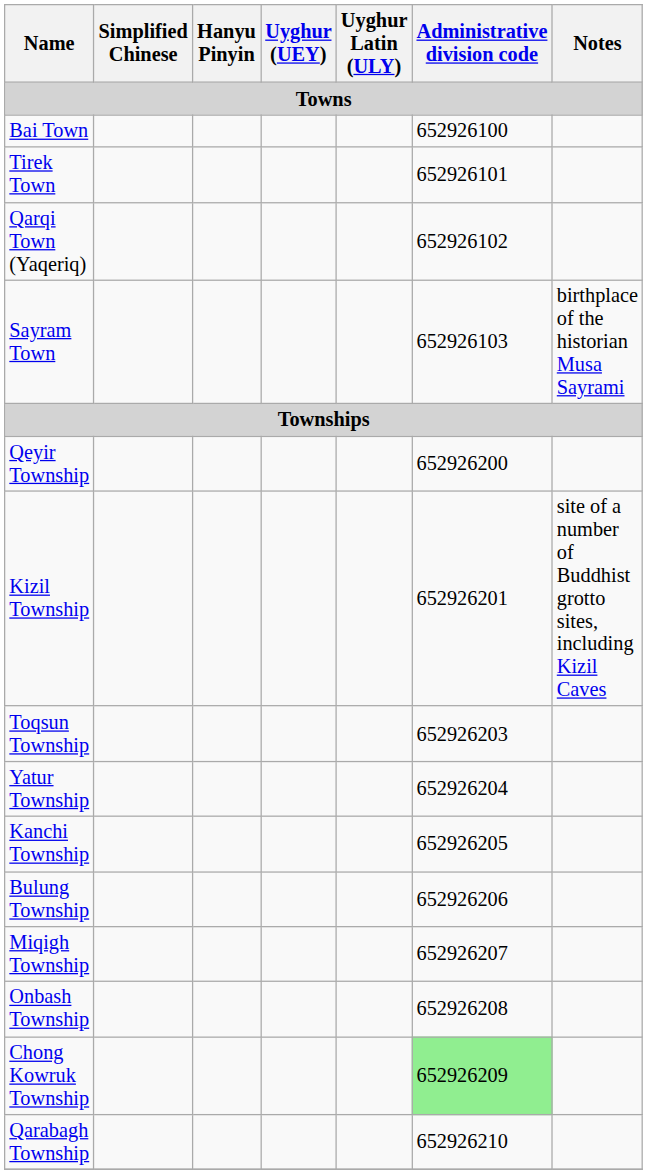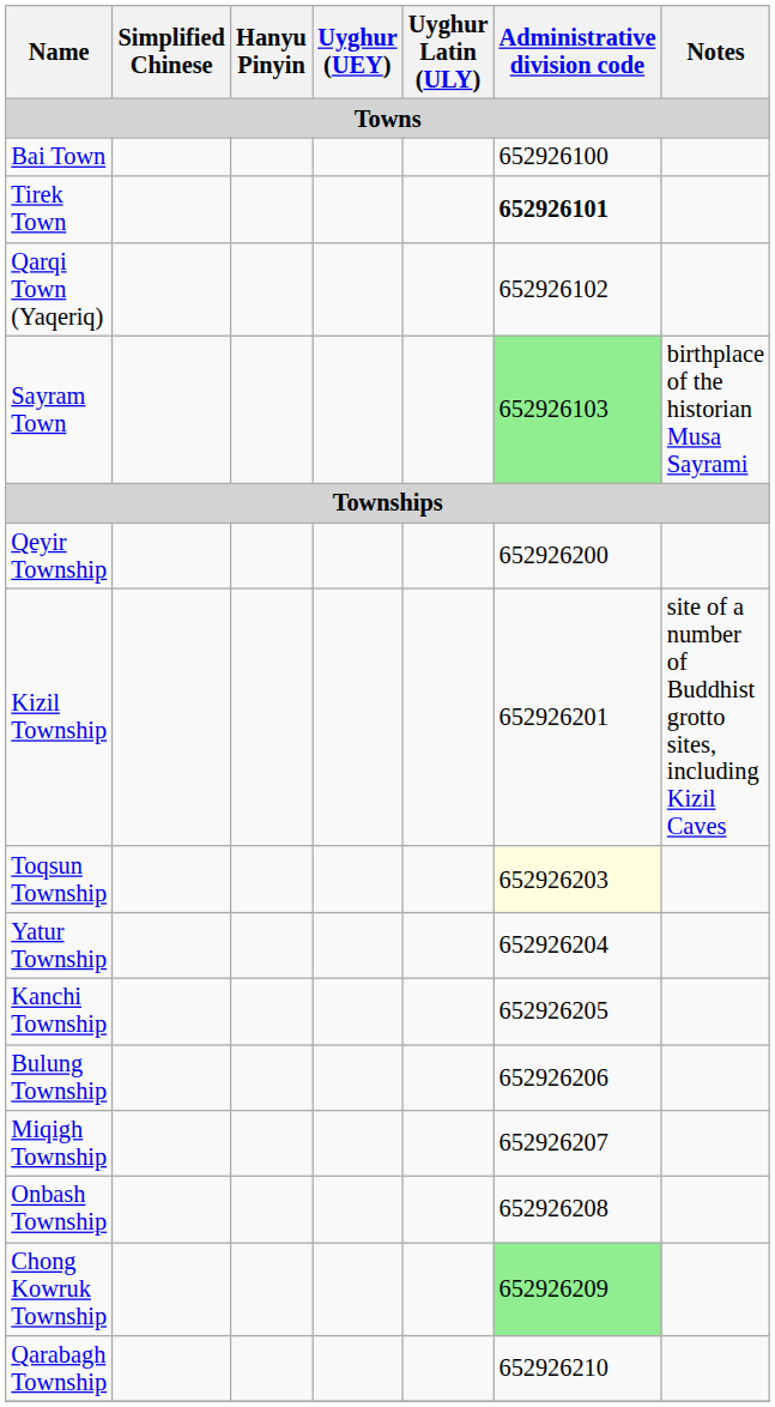 <table class="wikitable" align="center" style="width:50%; border="1">
 <tr>
 <th>Name</th>
 <th>Simplified Chinese</th>
 <th>Hanyu Pinyin</th>
 <th><a href='#'>Uyghur</a> (<a href='#'>UEY</a>)</th>
 <th>Uyghur Latin (<a href='#'>ULY</a>)</th>
 <th><a href='#'>Administrative division code</a></th>
 <th>Notes</th>
 </tr>
 <tr>
 <td colspan="8"  style="text-align:center; background:#d3d3d3;"><strong>Towns</strong></td>
 </tr>
 <tr --------->
 <td><a href='#'>Bai Town</a></td>
 <td></td>
 <td></td>
 <td></td>
 <td></td>
 <td>652926100</td>
 <td></td>
 </tr>
 <tr>
 <td><a href='#'>Tirek Town</a></td>
 <td></td>
 <td></td>
 <td></td>
 <td></td>
-<td>652926101</td>
+<td><strong>652926101</strong></td>
 <td></td>
 </tr>
 <tr>
 <td><a href='#'>Qarqi Town</a><br>(Yaqeriq)</td>
 <td></td>
 <td></td>
 <td></td>
 <td></td>
 <td>652926102</td>
 <td></td>
 </tr>
 <tr>
 <td><a href='#'>Sayram Town</a></td>
 <td></td>
 <td></td>
 <td></td>
 <td></td>
-<td>652926103</td>
+<td style="background: lightgreen;">652926103</td>
 <td>birthplace of the historian <a href='#'>Musa Sayrami</a></td>
 </tr>
 <tr>
 <td colspan="8"  style="text-align:center; background:#d3d3d3;"><strong>Townships</strong></td>
 </tr>
 <tr --------->
 <td><a href='#'>Qeyir Township</a></td>
 <td></td>
 <td></td>
 <td></td>
 <td></td>
 <td>652926200</td>
 <td></td>
 </tr>
 <tr>
 <td><a href='#'>Kizil Township</a></td>
 <td></td>
 <td></td>
 <td></td>
 <td></td>
 <td>652926201</td>
 <td>site of a number of Buddhist grotto sites, including <a href='#'>Kizil Caves</a></td>
 </tr>
 <tr>
 <td><a href='#'>Toqsun Township</a></td>
 <td></td>
 <td></td>
 <td></td>
 <td></td>
-<td>652926203</td>
+<td style="background: lightyellow;">652926203</td>
 <td></td>
 </tr>
 <tr>
 <td><a href='#'>Yatur Township</a></td>
 <td></td>
 <td></td>
 <td></td>
 <td></td>
 <td>652926204</td>
 <td></td>
 </tr>
 <tr>
 <td><a href='#'>Kanchi Township</a></td>
 <td></td>
 <td></td>
 <td></td>
 <td></td>
 <td>652926205</td>
 <td></td>
 </tr>
 <tr>
 <td><a href='#'>Bulung Township</a></td>
 <td></td>
 <td></td>
 <td></td>
 <td></td>
 <td>652926206</td>
 <td></td>
 </tr>
 <tr>
 <td><a href='#'>Miqigh Township</a></td>
 <td></td>
 <td></td>
 <td></td>
 <td></td>
 <td>652926207</td>
 <td></td>
 </tr>
 <tr>
 <td><a href='#'>Onbash Township</a></td>
 <td></td>
 <td></td>
 <td></td>
 <td></td>
 <td>652926208</td>
 <td></td>
 </tr>
 <tr>
 <td><a href='#'>Chong Kowruk Township</a></td>
 <td></td>
 <td></td>
 <td></td>
 <td></td>
 <td style="background: lightgreen;">652926209</td>
 <td></td>
 </tr>
 <tr>
 <td><a href='#'>Qarabagh Township</a></td>
 <td></td>
 <td></td>
 <td></td>
 <td></td>
 <td>652926210</td>
 <td></td>
 </tr>
 <tr>
 </tr>
 </table>
